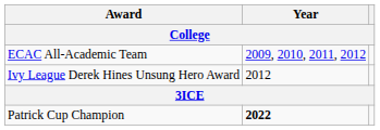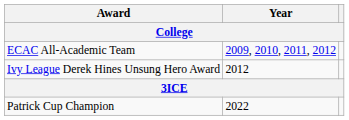 <table class="wikitable">
 <tr>
 <th>Award</th>
 <th>Year</th>
 <th></th>
 </tr>
 <tr ALIGN="center" bgcolor="#e0e0e0">
 <th colspan="3"><a href='#'>College</a></th>
 </tr>
 <tr>
 <td><a href='#'>ECAC</a> All-Academic Team</td>
 <td><a href='#'>2009</a>, <a href='#'>2010</a>,  <a href='#'>2011</a>, <a href='#'>2012</a></td>
 <td></td>
 </tr>
 <tr>
 <td><a href='#'>Ivy League</a> Derek Hines Unsung Hero Award</td>
 <td>2012</td>
 <td></td>
 </tr>
 <tr>
 <th colspan="3"><a href='#'>3ICE</a></th>
 </tr>
 <tr>
 <td>Patrick Cup Champion</td>
-<td><strong>2022</strong></td>
+<td>2022</td>
 </tr>
 </table>
